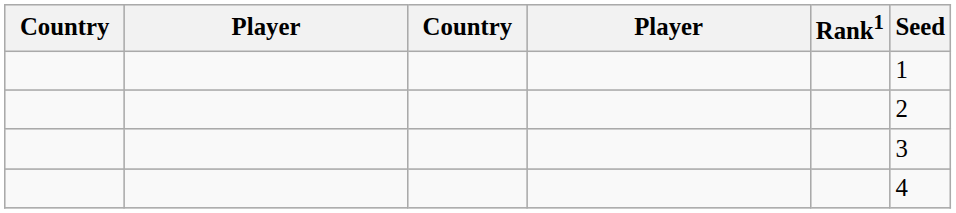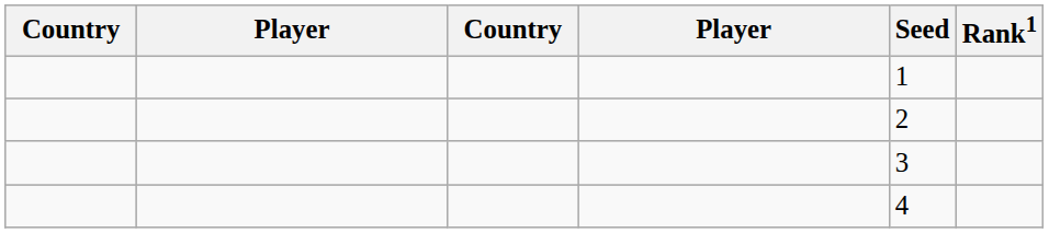 <table class="sortable wikitable">
 <tr>
 <th width="70">Country</th>
 <th width="175">Player</th>
 <th width="70">Country</th>
 <th width="175">Player</th>
+<th>Seed</th>
 <th>Rank<sup>1</sup></th>
-<th>Seed</th>
 </tr>
 <tr>
 <td></td>
 <td></td>
 <td></td>
 <td></td>
+<td>1</td>
 <td></td>
-<td>1</td>
 </tr>
 <tr>
 <td></td>
 <td></td>
 <td></td>
 <td></td>
+<td>2</td>
 <td></td>
-<td>2</td>
 </tr>
 <tr>
 <td></td>
 <td></td>
 <td></td>
 <td></td>
+<td>3</td>
 <td></td>
-<td>3</td>
 </tr>
 <tr>
 <td></td>
 <td></td>
 <td></td>
 <td></td>
+<td>4</td>
 <td></td>
-<td>4</td>
 </tr>
 </table>
